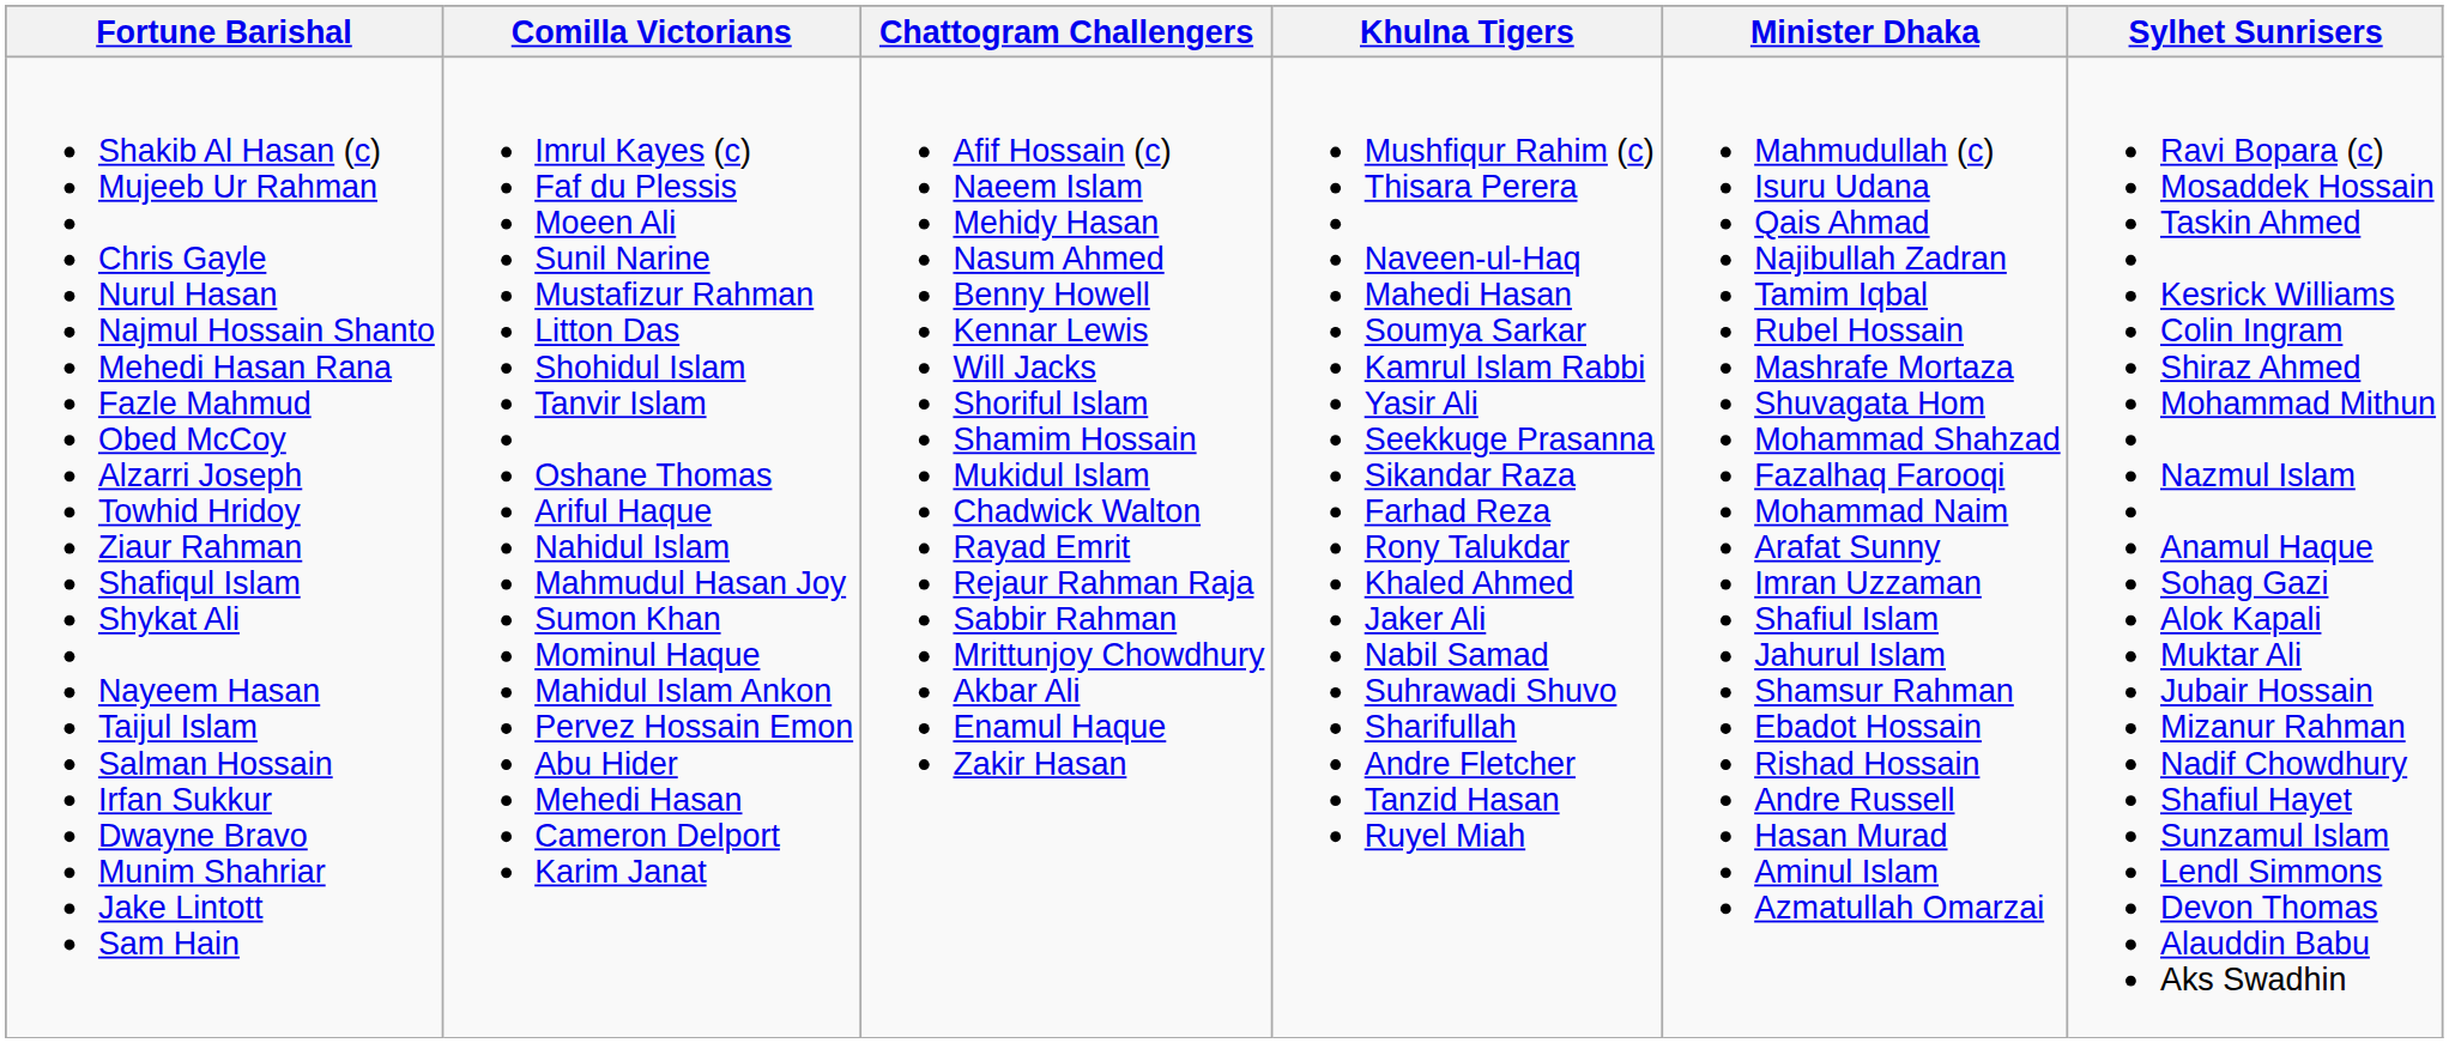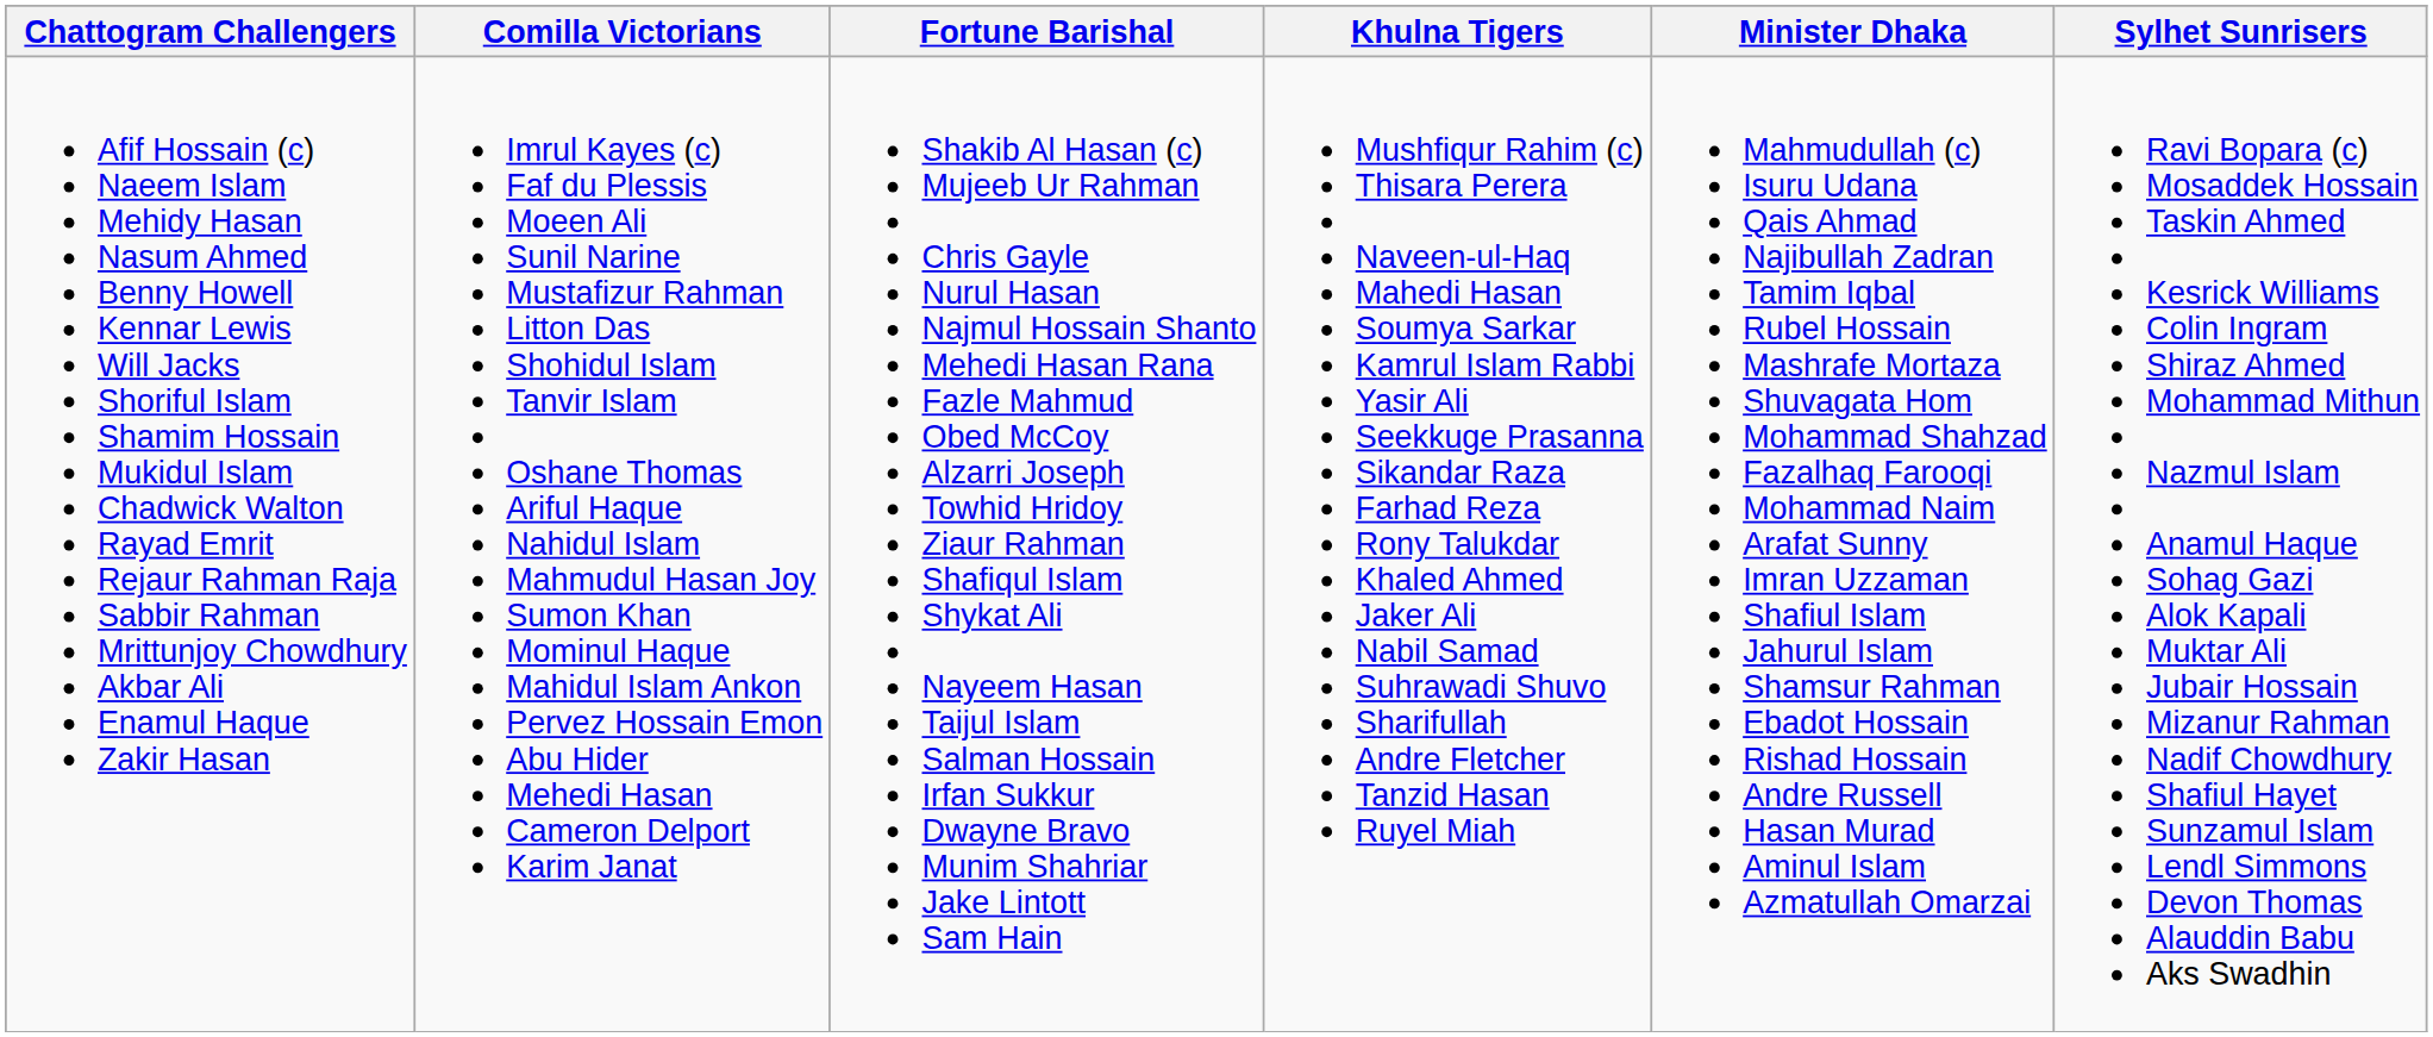 <table class="wikitable" Style="font-size:95%;">
 <tr>
+<th><a href='#'>Chattogram Challengers</a> <br><small></small></th>
+<th><a href='#'>Comilla Victorians</a> <br><small></small></th>
 <th><a href='#'>Fortune Barishal</a> <br><small></small></th>
-<th><a href='#'>Comilla Victorians</a> <br><small></small></th>
-<th><a href='#'>Chattogram Challengers</a> <br><small></small></th>
 <th><a href='#'>Khulna Tigers</a> <br><small></small></th>
 <th><a href='#'>Minister Dhaka</a> <br><small></small></th>
 <th><a href='#'>Sylhet Sunrisers</a> <br><small></small></th>
 </tr>
 <tr>
+<td valign=top><br><ul><li><a href='#'>Afif Hossain</a> (<a href='#'>c</a>)</li><li><a href='#'>Naeem Islam</a></li><li><a href='#'>Mehidy Hasan</a></li><li><a href='#'>Nasum Ahmed</a></li><li><a href='#'>Benny Howell</a></li><li><a href='#'>Kennar Lewis</a></li><li><a href='#'>Will Jacks</a></li><li><a href='#'>Shoriful Islam</a></li><li><a href='#'>Shamim Hossain</a></li><li><a href='#'>Mukidul Islam</a></li><li><a href='#'>Chadwick Walton</a></li><li><a href='#'>Rayad Emrit</a></li><li><a href='#'>Rejaur Rahman Raja</a></li><li><a href='#'>Sabbir Rahman</a></li><li><a href='#'>Mrittunjoy Chowdhury</a></li><li><a href='#'>Akbar Ali</a></li><li><a href='#'>Enamul Haque</a></li><li><a href='#'>Zakir Hasan</a></li></ul></td>
+<td valign=top><br><ul><li><a href='#'>Imrul Kayes</a> (<a href='#'>c</a>)</li><li><a href='#'>Faf du Plessis</a></li><li><a href='#'>Moeen Ali</a></li><li><a href='#'>Sunil Narine</a></li><li><a href='#'>Mustafizur Rahman</a></li><li><a href='#'>Litton Das</a></li><li><a href='#'>Shohidul Islam</a></li><li><a href='#'>Tanvir Islam</a></li><li></li><li><a href='#'>Oshane Thomas</a></li><li><a href='#'>Ariful Haque</a></li><li><a href='#'>Nahidul Islam</a></li><li><a href='#'>Mahmudul Hasan Joy</a></li><li><a href='#'>Sumon Khan</a></li><li><a href='#'>Mominul Haque</a></li><li><a href='#'>Mahidul Islam Ankon</a></li><li><a href='#'>Pervez Hossain Emon</a></li><li><a href='#'>Abu Hider</a></li><li><a href='#'>Mehedi Hasan</a></li><li><a href='#'>Cameron Delport</a></li><li><a href='#'>Karim Janat</a></li></ul></td>
 <td valign=top><br><ul><li><a href='#'>Shakib Al Hasan</a> (<a href='#'>c</a>)</li><li><a href='#'>Mujeeb Ur Rahman</a></li><li></li><li><a href='#'>Chris Gayle</a></li><li><a href='#'>Nurul Hasan</a></li><li><a href='#'>Najmul Hossain Shanto</a></li><li><a href='#'>Mehedi Hasan Rana</a></li><li><a href='#'>Fazle Mahmud</a></li><li><a href='#'>Obed McCoy</a></li><li><a href='#'>Alzarri Joseph</a></li><li><a href='#'>Towhid Hridoy</a></li><li><a href='#'>Ziaur Rahman</a></li><li><a href='#'>Shafiqul Islam</a></li><li><a href='#'>Shykat Ali</a></li><li></li><li><a href='#'>Nayeem Hasan</a></li><li><a href='#'>Taijul Islam</a></li><li><a href='#'>Salman Hossain</a></li><li><a href='#'>Irfan Sukkur</a></li><li><a href='#'>Dwayne Bravo</a></li><li><a href='#'>Munim Shahriar</a></li><li><a href='#'>Jake Lintott</a></li><li><a href='#'>Sam Hain</a></li></ul></td>
-<td valign=top><br><ul><li><a href='#'>Imrul Kayes</a> (<a href='#'>c</a>)</li><li><a href='#'>Faf du Plessis</a></li><li><a href='#'>Moeen Ali</a></li><li><a href='#'>Sunil Narine</a></li><li><a href='#'>Mustafizur Rahman</a></li><li><a href='#'>Litton Das</a></li><li><a href='#'>Shohidul Islam</a></li><li><a href='#'>Tanvir Islam</a></li><li></li><li><a href='#'>Oshane Thomas</a></li><li><a href='#'>Ariful Haque</a></li><li><a href='#'>Nahidul Islam</a></li><li><a href='#'>Mahmudul Hasan Joy</a></li><li><a href='#'>Sumon Khan</a></li><li><a href='#'>Mominul Haque</a></li><li><a href='#'>Mahidul Islam Ankon</a></li><li><a href='#'>Pervez Hossain Emon</a></li><li><a href='#'>Abu Hider</a></li><li><a href='#'>Mehedi Hasan</a></li><li><a href='#'>Cameron Delport</a></li><li><a href='#'>Karim Janat</a></li></ul></td>
-<td valign=top><br><ul><li><a href='#'>Afif Hossain</a> (<a href='#'>c</a>)</li><li><a href='#'>Naeem Islam</a></li><li><a href='#'>Mehidy Hasan</a></li><li><a href='#'>Nasum Ahmed</a></li><li><a href='#'>Benny Howell</a></li><li><a href='#'>Kennar Lewis</a></li><li><a href='#'>Will Jacks</a></li><li><a href='#'>Shoriful Islam</a></li><li><a href='#'>Shamim Hossain</a></li><li><a href='#'>Mukidul Islam</a></li><li><a href='#'>Chadwick Walton</a></li><li><a href='#'>Rayad Emrit</a></li><li><a href='#'>Rejaur Rahman Raja</a></li><li><a href='#'>Sabbir Rahman</a></li><li><a href='#'>Mrittunjoy Chowdhury</a></li><li><a href='#'>Akbar Ali</a></li><li><a href='#'>Enamul Haque</a></li><li><a href='#'>Zakir Hasan</a></li></ul></td>
 <td valign=top><br><ul><li><a href='#'>Mushfiqur Rahim</a> (<a href='#'>c</a>)</li><li><a href='#'>Thisara Perera</a></li><li></li><li><a href='#'>Naveen-ul-Haq</a></li><li><a href='#'>Mahedi Hasan</a></li><li><a href='#'>Soumya Sarkar</a></li><li><a href='#'>Kamrul Islam Rabbi</a></li><li><a href='#'>Yasir Ali</a></li><li><a href='#'>Seekkuge Prasanna</a></li><li><a href='#'>Sikandar Raza</a></li><li><a href='#'>Farhad Reza</a></li><li><a href='#'>Rony Talukdar</a></li><li><a href='#'>Khaled Ahmed</a></li><li><a href='#'>Jaker Ali</a></li><li><a href='#'>Nabil Samad</a></li><li><a href='#'>Suhrawadi Shuvo</a></li><li><a href='#'>Sharifullah</a></li><li><a href='#'>Andre Fletcher</a></li><li><a href='#'>Tanzid Hasan</a></li><li><a href='#'>Ruyel Miah</a></li></ul></td>
 <td valign=top><br><ul><li><a href='#'>Mahmudullah</a> (<a href='#'>c</a>)</li><li><a href='#'>Isuru Udana</a></li><li><a href='#'>Qais Ahmad</a></li><li><a href='#'>Najibullah Zadran</a></li><li><a href='#'>Tamim Iqbal</a></li><li><a href='#'>Rubel Hossain</a></li><li><a href='#'>Mashrafe Mortaza</a></li><li><a href='#'>Shuvagata Hom</a></li><li><a href='#'>Mohammad Shahzad</a></li><li><a href='#'>Fazalhaq Farooqi</a></li><li><a href='#'>Mohammad Naim</a></li><li><a href='#'>Arafat Sunny</a></li><li><a href='#'>Imran Uzzaman</a></li><li><a href='#'>Shafiul Islam</a></li><li><a href='#'>Jahurul Islam</a></li><li><a href='#'>Shamsur Rahman</a></li><li><a href='#'>Ebadot Hossain</a></li><li><a href='#'>Rishad Hossain</a></li><li><a href='#'>Andre Russell</a></li><li><a href='#'>Hasan Murad</a></li><li><a href='#'>Aminul Islam</a></li><li><a href='#'>Azmatullah Omarzai</a></li></ul></td>
 <td valign=top><br><ul><li><a href='#'>Ravi Bopara</a> (<a href='#'>c</a>)</li><li><a href='#'>Mosaddek Hossain</a></li><li><a href='#'>Taskin Ahmed</a></li><li></li><li><a href='#'>Kesrick Williams</a></li><li><a href='#'>Colin Ingram</a></li><li><a href='#'>Shiraz Ahmed</a></li><li><a href='#'>Mohammad Mithun</a></li><li></li><li><a href='#'>Nazmul Islam</a></li><li></li><li><a href='#'>Anamul Haque</a></li><li><a href='#'>Sohag Gazi</a></li><li><a href='#'>Alok Kapali</a></li><li><a href='#'>Muktar Ali</a></li><li><a href='#'>Jubair Hossain</a></li><li><a href='#'>Mizanur Rahman</a></li><li><a href='#'>Nadif Chowdhury</a></li><li><a href='#'>Shafiul Hayet</a></li><li><a href='#'>Sunzamul Islam</a></li><li><a href='#'>Lendl Simmons</a></li><li><a href='#'>Devon Thomas</a></li><li><a href='#'>Alauddin Babu</a></li><li>Aks Swadhin</li></ul></td>
 </tr>
 </table>
